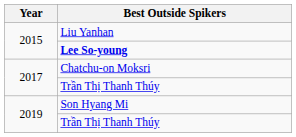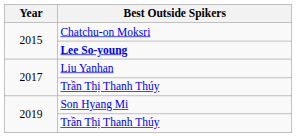 <table class="wikitable" style="width: 400px;">
 <tr>
 <th width="40">Year</th>
 <th width="200">Best Outside Spikers</th>
 </tr>
 <tr>
 <td align=center rowspan=2>2015</td>
-<td> <a href='#'>Liu Yanhan</a></td>
+<td> <a href='#'>Chatchu-on Moksri</a></td>
 </tr>
 <tr>
 <td><strong> <a href='#'>Lee So-young</a></strong></td>
 </tr>
 <tr>
 <td align=center rowspan=2>2017</td>
-<td> <a href='#'>Chatchu-on Moksri</a></td>
+<td> <a href='#'>Liu Yanhan</a></td>
 </tr>
 <tr>
 <td> <a href='#'>Trần Thị Thanh Thúy</a></td>
 </tr>
 <tr>
 <td align=center rowspan=2>2019</td>
 <td> <a href='#'>Son Hyang Mi</a></td>
 </tr>
 <tr>
 <td> <a href='#'>Trần Thị Thanh Thúy</a></td>
 </tr>
 </table>
